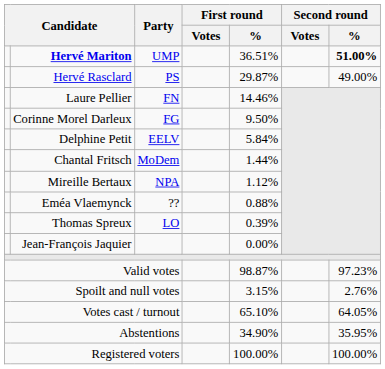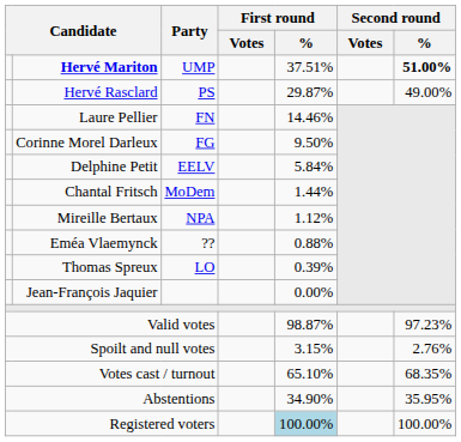 <table class="wikitable" style="text-align:right;font-size:95%;">
 <tr>
 <th rowspan=2 colspan=2>Candidate</th>
 <th rowspan=2 colspan=1>Party</th>
 <th colspan=2>First round</th>
 <th colspan=2>Second round</th>
 </tr>
 <tr>
 <th style="width:50px;">Votes</th>
 <th style="width:55px;">%</th>
 <th style="width:50px;">Votes</th>
 <th style="width:55px;">%</th>
 </tr>
 <tr>
 <td style="color:inherit;background-color:"></td>
 <td><strong><a href='#'>Hervé Mariton</a></strong></td>
 <td><a href='#'>UMP</a></td>
 <td></td>
-<td>36.51%</td>
+<td>37.51%</td>
 <td><strong></strong></td>
 <td><strong>51.00%</strong></td>
 </tr>
 <tr>
 <td style="color:inherit;background-color:"></td>
 <td><a href='#'>Hervé Rasclard</a></td>
 <td><a href='#'>PS</a></td>
 <td></td>
 <td>29.87%</td>
 <td></td>
 <td>49.00%</td>
 </tr>
 <tr>
 <td style="color:inherit;background-color:"></td>
 <td>Laure Pellier</td>
 <td><a href='#'>FN</a></td>
 <td></td>
 <td>14.46%</td>
 <td colspan=7 rowspan=8 style="background-color:#E9E9E9;"></td>
 </tr>
 <tr>
 <td style="color:inherit;background-color:"></td>
 <td>Corinne Morel Darleux</td>
 <td><a href='#'>FG</a></td>
 <td></td>
 <td>9.50%</td>
 </tr>
 <tr>
 <td style="color:inherit;background-color:"></td>
 <td>Delphine Petit</td>
 <td><a href='#'>EELV</a></td>
 <td></td>
 <td>5.84%</td>
 </tr>
 <tr>
 <td style="color:inherit;background-color:"></td>
 <td>Chantal Fritsch</td>
 <td><a href='#'>MoDem</a></td>
 <td></td>
 <td>1.44%</td>
 </tr>
 <tr>
 <td style="color:inherit;background-color:"></td>
 <td>Mireille Bertaux</td>
 <td><a href='#'>NPA</a></td>
 <td></td>
 <td>1.12%</td>
 </tr>
 <tr>
 <td style="background-color:;"></td>
 <td>Eméa Vlaemynck</td>
 <td>??</td>
 <td></td>
 <td>0.88%</td>
 </tr>
 <tr>
 <td style="color:inherit;background-color:"></td>
 <td>Thomas Spreux</td>
 <td><a href='#'>LO</a></td>
 <td></td>
 <td>0.39%</td>
 </tr>
 <tr>
 <td style="background-color:;"></td>
 <td>Jean-François Jaquier</td>
 <td></td>
 <td></td>
 <td>0.00%</td>
 </tr>
 <tr>
 <td colspan=7 style="background-color:#E9E9E9;"></td>
 </tr>
 <tr>
 <td colspan=3>Valid votes</td>
 <td></td>
 <td>98.87%</td>
 <td></td>
 <td>97.23%</td>
 </tr>
 <tr>
 <td colspan=3>Spoilt and null votes</td>
 <td></td>
 <td>3.15%</td>
 <td></td>
 <td>2.76%</td>
 </tr>
 <tr>
 <td colspan=3>Votes cast / turnout</td>
 <td></td>
 <td>65.10%</td>
 <td></td>
-<td>64.05%</td>
+<td>68.35%</td>
 </tr>
 <tr>
 <td colspan=3>Abstentions</td>
 <td></td>
 <td>34.90%</td>
 <td></td>
 <td>35.95%</td>
 </tr>
 <tr>
 <td colspan=3>Registered voters</td>
 <td></td>
-<td>100.00%</td>
+<td style="background: lightblue;">100.00%</td>
 <td></td>
 <td>100.00%</td>
 </tr>
 </table>
